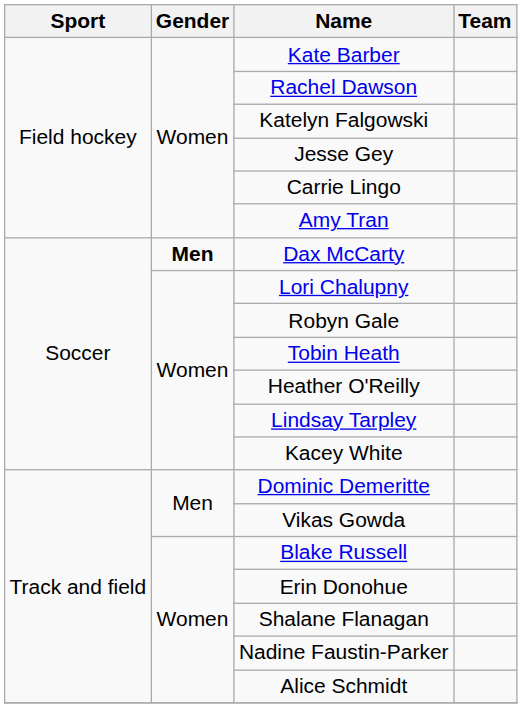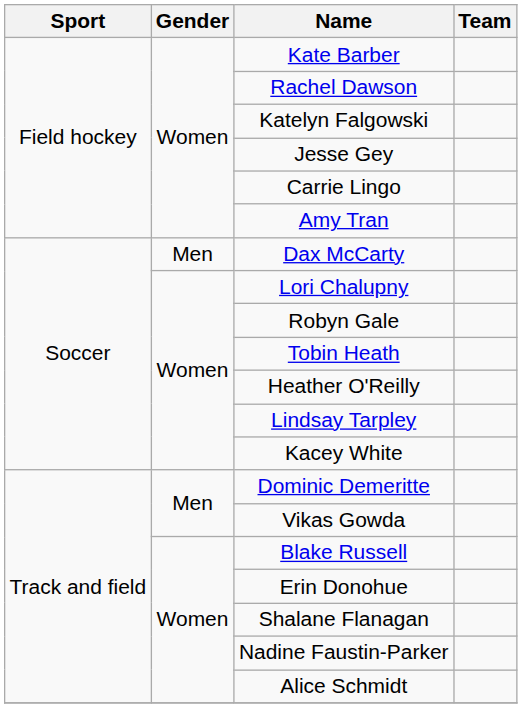 <table class="wikitable" style="text-align: center;">
 <tr>
 <th>Sport</th>
 <th>Gender</th>
 <th>Name</th>
 <th>Team</th>
 </tr>
 <tr>
 <td rowspan="6">Field hockey</td>
 <td rowspan="6">Women</td>
 <td><a href='#'>Kate Barber</a></td>
 <td></td>
 </tr>
 <tr>
 <td><a href='#'>Rachel Dawson</a></td>
 <td></td>
 </tr>
 <tr>
 <td>Katelyn Falgowski</td>
 <td></td>
 </tr>
 <tr>
 <td>Jesse Gey</td>
 <td></td>
 </tr>
 <tr>
 <td>Carrie Lingo</td>
 <td></td>
 </tr>
 <tr>
 <td><a href='#'>Amy Tran</a></td>
 <td></td>
 </tr>
 <tr>
 <td rowspan="7">Soccer</td>
-<td><strong>Men</strong></td>
+<td>Men</td>
 <td><a href='#'>Dax McCarty</a></td>
 <td></td>
 </tr>
 <tr>
 <td rowspan="6">Women</td>
 <td><a href='#'>Lori Chalupny</a></td>
 <td></td>
 </tr>
 <tr>
 <td>Robyn Gale</td>
 <td></td>
 </tr>
 <tr>
 <td><a href='#'>Tobin Heath</a></td>
 <td></td>
 </tr>
 <tr>
 <td>Heather O'Reilly</td>
 <td></td>
 </tr>
 <tr>
 <td><a href='#'>Lindsay Tarpley</a></td>
 <td></td>
 </tr>
 <tr>
 <td>Kacey White</td>
 <td></td>
 </tr>
 <tr>
 <td rowspan="7">Track and field</td>
 <td rowspan="2">Men</td>
 <td><a href='#'>Dominic Demeritte</a></td>
 <td></td>
 </tr>
 <tr>
 <td>Vikas Gowda</td>
 <td></td>
 </tr>
 <tr>
 <td rowspan="5">Women</td>
 <td><a href='#'>Blake Russell</a></td>
 <td></td>
 </tr>
 <tr>
 <td>Erin Donohue</td>
 <td></td>
 </tr>
 <tr>
 <td>Shalane Flanagan</td>
 <td></td>
 </tr>
 <tr>
 <td>Nadine Faustin-Parker</td>
 <td></td>
 </tr>
 <tr>
 <td>Alice Schmidt</td>
 <td></td>
 </tr>
 <tr>
 </tr>
 </table>
